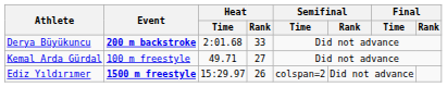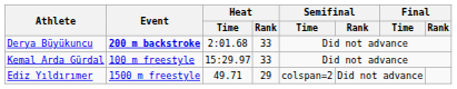 <table class=wikitable style="font-size:90%">
 <tr>
 <th rowspan="2">Athlete</th>
 <th rowspan="2">Event</th>
 <th colspan="2">Heat</th>
 <th colspan="2">Semifinal</th>
 <th colspan="2">Final</th>
 </tr>
 <tr style="font-size:95%">
 <th>Time</th>
 <th>Rank</th>
 <th>Time</th>
 <th>Rank</th>
 <th>Time</th>
 <th>Rank</th>
 </tr>
 <tr align=center>
 <td align=left><a href='#'>Derya Büyükuncu</a></td>
 <td align=left><strong><a href='#'>200 m backstroke</a></strong></td>
 <td>2:01.68</td>
 <td>33</td>
 <td colspan=4>Did not advance</td>
 </tr>
 <tr align=center>
 <td align=left><a href='#'>Kemal Arda Gürdal</a></td>
 <td align=left><a href='#'>100 m freestyle</a></td>
-<td>49.71</td>
-<td>27</td>
+<td>15:29.97</td>
+<td>33</td>
 <td colspan=4>Did not advance</td>
 </tr>
 <tr align=center>
 <td align=left><a href='#'>Ediz Yıldırımer</a></td>
-<td align=left><strong><a href='#'>1500 m freestyle</a></strong></td>
-<td>15:29.97</td>
-<td>26</td>
+<td align=left><a href='#'>1500 m freestyle</a></td>
+<td>49.71</td>
+<td>29</td>
 <td>colspan=2 </td>
 <td colspan=2>Did not advance</td>
 </tr>
 </table>
